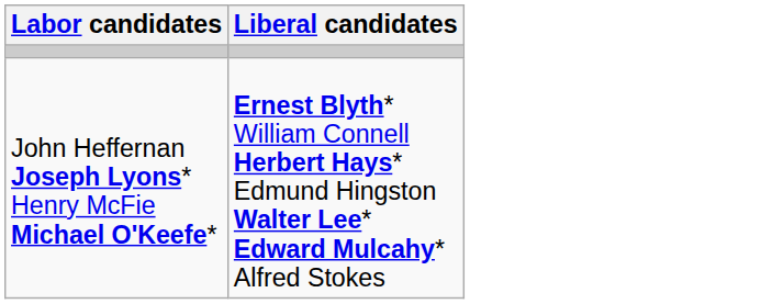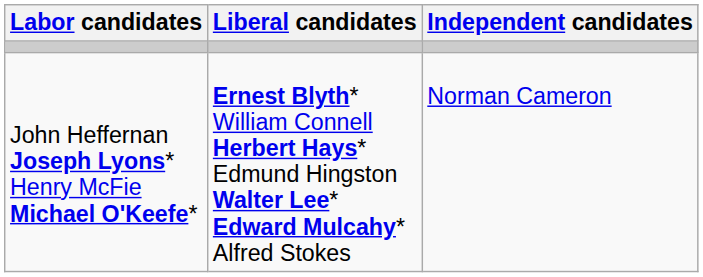 <table class="wikitable">
 <tr>
 <th><a href='#'>Labor</a> candidates</th>
 <th><a href='#'>Liberal</a> candidates</th>
+<th><a href='#'>Independent</a> candidates</th>
 </tr>
 <tr bgcolor="#cccccc">
+<td></td>
 <td></td>
 <td></td>
 </tr>
 <tr>
 <td><br>John Heffernan<br> <strong><a href='#'>Joseph Lyons</a></strong>*<br> <a href='#'>Henry McFie</a><br> <strong><a href='#'>Michael O'Keefe</a></strong>*</td>
 <td><br><strong><a href='#'>Ernest Blyth</a></strong>*<br> <a href='#'>William Connell</a><br> <strong><a href='#'>Herbert Hays</a></strong>*<br> Edmund Hingston<br> <strong><a href='#'>Walter Lee</a></strong>*<br> <strong><a href='#'>Edward Mulcahy</a></strong>*<br> Alfred Stokes</td>
+<td valign=top><br><a href='#'>Norman Cameron</a></td>
 </tr>
 </table>
